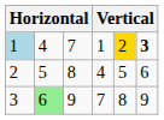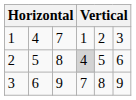 <table class="wikitable">
 <tr>
 <th colspan=3>Horizontal</th>
 <th colspan=3>Vertical</th>
 </tr>
 <tr>
-<td style="background: lightblue;">1</td>
+<td>1</td>
 <td>4</td>
 <td>7</td>
 <td>1</td>
-<td style="background: gold;">2</td>
-<td><strong>3</strong></td>
+<td>2</td>
+<td>3</td>
 </tr>
 <tr>
 <td>2</td>
 <td>5</td>
 <td>8</td>
-<td>4</td>
+<td style="background: lightgrey;">4</td>
 <td>5</td>
 <td>6</td>
 </tr>
 <tr>
 <td>3</td>
-<td style="background: lightgreen;">6</td>
+<td>6</td>
 <td>9</td>
 <td>7</td>
 <td>8</td>
 <td>9</td>
 </tr>
 </table>
